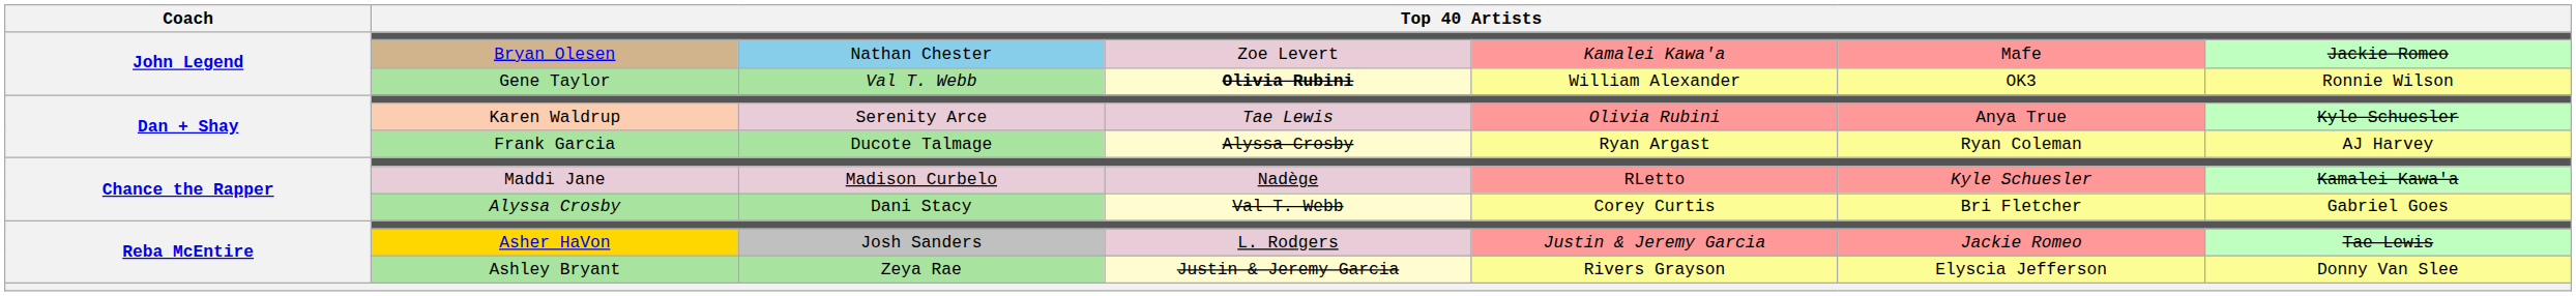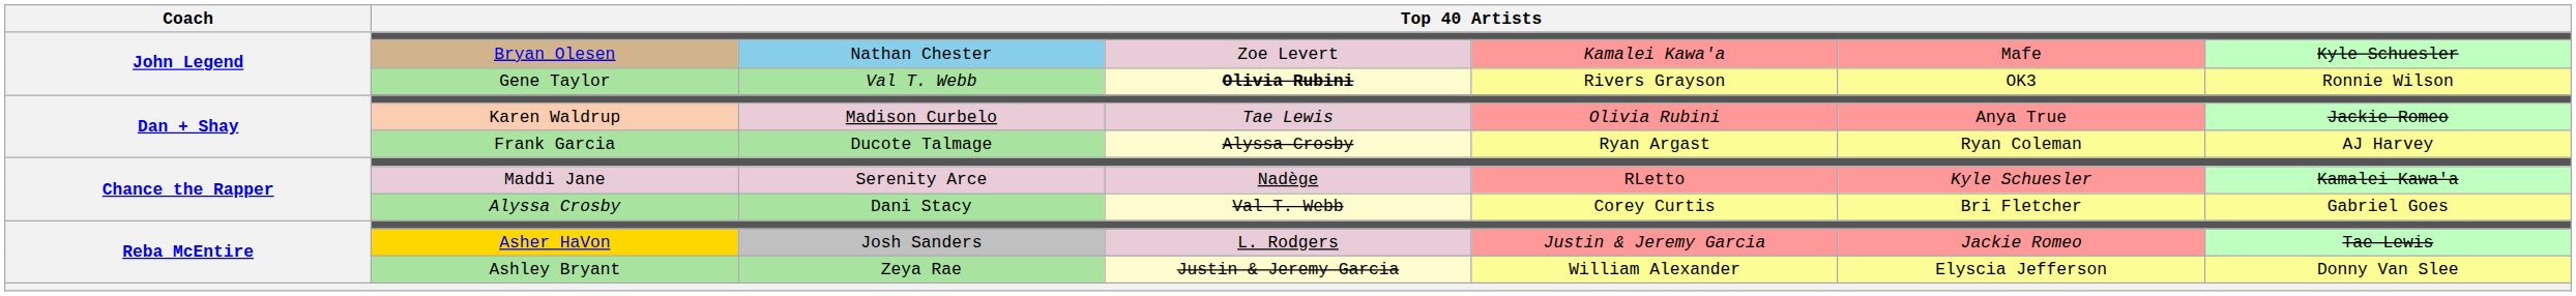 <table class="wikitable" style="text-align:center; width:100%">
 <tr>
 <th scope="col" style="width:14%">Coach</th>
 <th scope="col" style="width:84%" colspan="6">Top 40 Artists</th>
 </tr>
 <tr>
 <th rowspan="3"><a href='#'>John Legend</a></th>
 <td colspan="6" style="background:#555"></td>
 </tr>
 <tr>
 <td style="background:tan; width:14%"><u><a href='#'>Bryan Olesen</a></u></td>
 <td style="background:skyblue; width:14%">Nathan Chester</td>
 <td style="background:#E8CCD7; width:14%">Zoe Levert</td>
 <td style="background:#FF9999; width:14%"><em>Kamalei Kawa'a</em></td>
 <td style="background:#FF9999; width:14%">Mafe</td>
-<td style="background:#BFFFC0; width:14%"><s>Jackie Romeo</s></td>
+<td style="background:#BFFFC0"><s>Kyle Schuesler</s></td>
 </tr>
 <tr>
 <td style="background:#A8E4A0">Gene Taylor</td>
 <td style="background:#A8E4A0"><em>Val T. Webb</em></td>
 <td style="background:#FFFDD0"><strong><s>Olivia Rubini</s></strong></td>
-<td style="background:#FDFD96">William Alexander</td>
+<td style="background:#FDFD96">Rivers Grayson</td>
 <td style="background:#FDFD96">OK3</td>
 <td style="background:#FDFD96">Ronnie Wilson</td>
 </tr>
 <tr>
 <th rowspan="3"><a href='#'>Dan + Shay</a></th>
 <td colspan="6" style="background:#555"></td>
 </tr>
 <tr>
 <td style="background:#fbceb1">Karen Waldrup</td>
-<td style="background:#E8CCD7">Serenity Arce</td>
+<td style="background:#E8CCD7"><u>Madison Curbelo</u></td>
 <td style="background:#E8CCD7"><em>Tae Lewis</em></td>
 <td style="background:#FF9999"><em>Olivia Rubini</em></td>
 <td style="background:#FF9999">Anya True</td>
-<td style="background:#BFFFC0"><s>Kyle Schuesler</s></td>
+<td style="background:#BFFFC0; width:14%"><s>Jackie Romeo</s></td>
 </tr>
 <tr>
 <td style="background:#A8E4A0">Frank Garcia</td>
 <td style="background:#A8E4A0">Ducote Talmage</td>
 <td style="background:#FFFDD0"><s>Alyssa Crosby</s></td>
 <td style="background:#FDFD96">Ryan Argast</td>
 <td style="background:#FDFD96">Ryan Coleman</td>
 <td style="background:#FDFD96">AJ Harvey</td>
 </tr>
 <tr>
 <th rowspan="3"><a href='#'>Chance the Rapper</a></th>
 <td colspan="6" style="background:#555"></td>
 </tr>
 <tr>
 <td style="background:#E8CCD7">Maddi Jane</td>
-<td style="background:#E8CCD7"><u>Madison Curbelo</u></td>
+<td style="background:#E8CCD7">Serenity Arce</td>
 <td style="background:#E8CCD7"><u>Nadège</u></td>
 <td style="background:#FF9999">RLetto</td>
 <td style="background:#FF9999"><em>Kyle Schuesler</em></td>
 <td style="background:#BFFFC0"><s>Kamalei Kawa'a</s></td>
 </tr>
 <tr>
 <td style="background:#A8E4A0"><em>Alyssa Crosby</em></td>
 <td style="background:#A8E4A0">Dani Stacy</td>
 <td style="background:#FFFDD0"><s>Val T. Webb</s></td>
 <td style="background:#FDFD96">Corey Curtis</td>
 <td style="background:#FDFD96">Bri Fletcher</td>
 <td style="background:#FDFD96">Gabriel Goes</td>
 </tr>
 <tr>
 <th rowspan="3"><a href='#'>Reba McEntire</a></th>
 <td colspan="6" style="background:#555"></td>
 </tr>
 <tr>
 <td style="background:gold"><a href='#'>Asher HaVon</a></td>
 <td style="background:silver">Josh Sanders</td>
 <td style="background:#E8CCD7"><u>L. Rodgers</u></td>
 <td style="background:#FF9999"><em>Justin & Jeremy Garcia</em></td>
 <td style="background:#FF9999"><em>Jackie Romeo</em></td>
 <td style="background:#BFFFC0"><s>Tae Lewis</s></td>
 </tr>
 <tr>
 <td style="background:#A8E4A0">Ashley Bryant</td>
 <td style="background:#A8E4A0">Zeya Rae</td>
 <td style="background:#FFFDD0"><s>Justin & Jeremy Garcia</s></td>
-<td style="background:#FDFD96">Rivers Grayson</td>
+<td style="background:#FDFD96">William Alexander</td>
 <td style="background:#FDFD96">Elyscia Jefferson</td>
 <td style="background:#FDFD96">Donny Van Slee</td>
 </tr>
 <tr>
 <th colspan="7" style="font-size:95%; line-height:14px"></th>
 </tr>
 </table>
